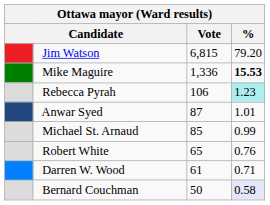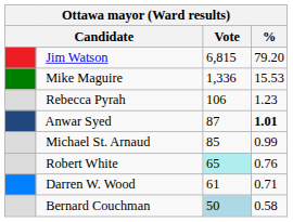 <table class="wikitable">
 <tr>
 <th colspan="4">Ottawa mayor (Ward results)</th>
 </tr>
 <tr>
 <th bgcolor="#DDDDFF" width="230px" colspan="2">Candidate</th>
 <th bgcolor="#DDDDFF" width="50px">Vote</th>
 <th bgcolor="#DDDDFF" width="30px">%</th>
 </tr>
 <tr>
 <td bgcolor=#ED1D24 width="30px"> </td>
 <td>  <a href='#'>Jim Watson</a></td>
 <td>6,815</td>
 <td>79.20</td>
 </tr>
 <tr>
 <td bgcolor=#008000 width="30px"> </td>
 <td>  Mike Maguire</td>
 <td>1,336</td>
-<td><strong>15.53</strong></td>
+<td>15.53</td>
 </tr>
 <tr>
 <td bgcolor=#DCDCDC width="30px"> </td>
 <td>  Rebecca Pyrah</td>
 <td>106</td>
-<td style="background: paleturquoise;">1.23</td>
+<td>1.23</td>
 </tr>
 <tr>
 <td bgcolor=#20487E width="30px"> </td>
 <td>  Anwar Syed</td>
 <td>87</td>
-<td>1.01</td>
+<td><strong>1.01</strong></td>
 </tr>
 <tr>
 <td bgcolor=#DCDCDC width="30px"> </td>
 <td>  Michael St. Arnaud</td>
 <td>85</td>
 <td>0.99</td>
 </tr>
 <tr>
 <td bgcolor=#DCDCDC width="30px"> </td>
 <td>  Robert White</td>
-<td>65</td>
+<td style="background: paleturquoise;">65</td>
 <td>0.76</td>
 </tr>
 <tr>
 <td bgcolor=#007FFF width="30px"> </td>
 <td>  Darren W. Wood</td>
 <td>61</td>
 <td>0.71</td>
 </tr>
 <tr>
 <td bgcolor=#DCDCDC width="30px"> </td>
 <td>  Bernard Couchman</td>
-<td>50</td>
-<td style="background: lavender;">0.58</td>
+<td style="background: lightblue;">50</td>
+<td>0.58</td>
 </tr>
 </table>
